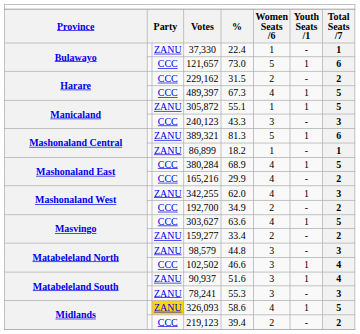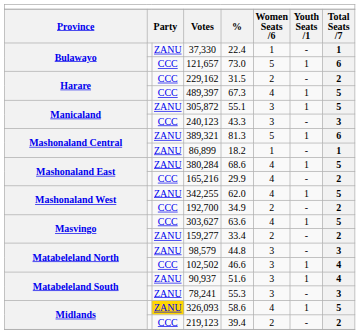 <table class="wikitable sortable sort-under" style="text-align:center;font-size:90%;line-height:14px">
 <tr>
 <td align=center colspan=8 bgcolor="white"></td>
 </tr>
 <tr>
 </tr>
 <tr style="height:40px;">
 <th style="width:200px;"><a href='#'>Province</a></th>
 <th style="width:40px;" colspan="2">Party</th>
 <th style="width:40px;">Votes</th>
 <th style="width:40px;">%</th>
 <th style="width:40px;">Women Seats<br>/6</th>
 <th style="width:40px;">Youth Seats<br>/1</th>
 <th style="width:40px;">Total Seats<br>/7</th>
 </tr>
 <tr>
 <th rowspan="2"><a href='#'>Bulawayo</a></th>
 <td style="text-align:center;" style="background:"></td>
 <td style="text-align:center;"><a href='#'>ZANU</a></td>
 <td>37,330</td>
 <td>22.4</td>
 <td>1</td>
 <td>-</td>
 <th>1</th>
 </tr>
 <tr>
 <td style="background:"></td>
 <td><a href='#'>CCC</a></td>
 <td>121,657</td>
 <td>73.0</td>
 <td>5</td>
 <td>1</td>
 <th>6</th>
 </tr>
 <tr>
 <th rowspan="2"><a href='#'>Harare</a></th>
 <td style="text-align:center;" style="background:"></td>
 <td><a href='#'>CCC</a></td>
 <td>229,162</td>
 <td>31.5</td>
 <td>2</td>
 <td>-</td>
 <th>2</th>
 </tr>
 <tr>
 <td style="background:"></td>
 <td><a href='#'>CCC</a></td>
 <td>489,397</td>
 <td>67.3</td>
 <td>4</td>
 <td>1</td>
 <th>5</th>
 </tr>
 <tr>
 <th rowspan="2"><a href='#'>Manicaland</a></th>
 <td style="text-align:center;" style="background:"></td>
 <td style="text-align:center;"><a href='#'>ZANU</a></td>
 <td>305,872</td>
 <td>55.1</td>
-<td>1</td>
+<td>3</td>
 <td>1</td>
 <th>5</th>
 </tr>
 <tr>
 <td style="background:"></td>
 <td><a href='#'>CCC</a></td>
 <td>240,123</td>
 <td>43.3</td>
 <td>3</td>
 <td>-</td>
 <th>3</th>
 </tr>
 <tr>
 <th rowspan="2"><a href='#'>Mashonaland Central</a></th>
 <td style="text-align:center;" style="background:"></td>
 <td style="text-align:center;"><a href='#'>ZANU</a></td>
 <td>389,321</td>
 <td>81.3</td>
 <td>5</td>
 <td>1</td>
 <th>6</th>
 </tr>
 <tr>
 <td style="background:"></td>
 <td style="text-align:center;"><a href='#'>ZANU</a></td>
 <td>86,899</td>
 <td>18.2</td>
 <td>1</td>
 <td>-</td>
 <th>1</th>
 </tr>
 <tr>
 <th rowspan="2"><a href='#'>Mashonaland East</a></th>
 <td style="text-align:center;" style="background:"></td>
-<td><a href='#'>CCC</a></td>
+<td style="text-align:center;"><a href='#'>ZANU</a></td>
 <td>380,284</td>
-<td>68.9</td>
+<td>68.6</td>
 <td>4</td>
 <td>1</td>
 <th>5</th>
 </tr>
 <tr>
 <td style="background:"></td>
 <td><a href='#'>CCC</a></td>
 <td>165,216</td>
 <td>29.9</td>
 <td>4</td>
 <td>-</td>
 <th>2</th>
 </tr>
 <tr>
 <th rowspan="2"><a href='#'>Mashonaland West</a></th>
 <td style="text-align:center;" style="background:"></td>
 <td style="text-align:center;"><a href='#'>ZANU</a></td>
 <td>342,255</td>
 <td>62.0</td>
 <td>4</td>
 <td>1</td>
-<th>3</th>
+<th>5</th>
 </tr>
 <tr>
 <td style="background:"></td>
 <td><a href='#'>CCC</a></td>
 <td>192,700</td>
 <td>34.9</td>
 <td>2</td>
 <td>-</td>
 <th>2</th>
 </tr>
 <tr>
 <th rowspan="2"><a href='#'>Masvingo</a></th>
 <td style="text-align:center;" style="background:"></td>
 <td><a href='#'>CCC</a></td>
 <td>303,627</td>
 <td>63.6</td>
 <td>4</td>
 <td>1</td>
 <th>5</th>
 </tr>
 <tr>
 <td style="background:"></td>
 <td style="text-align:center;"><a href='#'>ZANU</a></td>
 <td>159,277</td>
 <td>33.4</td>
 <td>2</td>
 <td>-</td>
 <th>2</th>
 </tr>
 <tr>
 <th rowspan="2"><a href='#'>Matabeleland North</a></th>
 <td style="text-align:center;" style="background:"></td>
 <td style="text-align:center;"><a href='#'>ZANU</a></td>
 <td>98,579</td>
 <td>44.8</td>
 <td>3</td>
 <td>-</td>
 <th>3</th>
 </tr>
 <tr>
 <td style="background:"></td>
 <td><a href='#'>CCC</a></td>
 <td>102,502</td>
 <td>46.6</td>
 <td>3</td>
 <td>1</td>
 <th>4</th>
 </tr>
 <tr>
 <th rowspan="2"><a href='#'>Matabeleland South</a></th>
 <td style="text-align:center;" style="background:"></td>
 <td style="text-align:center;"><a href='#'>ZANU</a></td>
 <td>90,937</td>
 <td>51.6</td>
 <td>3</td>
 <td>1</td>
 <th>4</th>
 </tr>
 <tr>
 <td style="background:"></td>
 <td style="text-align:center;"><a href='#'>ZANU</a></td>
 <td>78,241</td>
 <td>55.3</td>
 <td>3</td>
 <td>-</td>
 <th>3</th>
 </tr>
 <tr>
 <th rowspan="2"><a href='#'>Midlands</a></th>
 <td style="text-align:center;" style="background:"></td>
 <td style="background: gold; text-align:center;"><a href='#'>ZANU</a></td>
 <td>326,093</td>
 <td>58.6</td>
 <td>4</td>
 <td>1</td>
 <th>5</th>
 </tr>
 <tr>
 <td style="background:"></td>
 <td><a href='#'>CCC</a></td>
 <td>219,123</td>
 <td>39.4</td>
 <td>2</td>
 <td>-</td>
 <th>2</th>
 </tr>
 <tr>
 </tr>
 </table>
